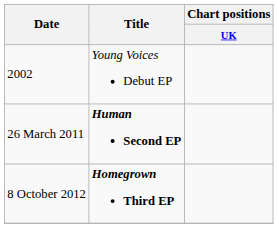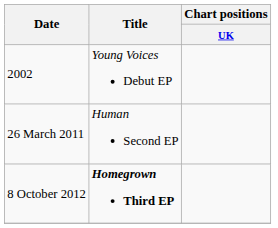 <table class="wikitable">
 <tr>
 <th align="center" rowspan="2">Date</th>
 <th align="center" rowspan="2">Title</th>
 <th align="center" colspan="2">Chart positions</th>
 </tr>
 <tr>
 <th align="center" rowspan="1"><small><a href='#'>UK</a></small></th>
 </tr>
 <tr>
 <td>2002</td>
 <td><em>Young Voices</em><br><ul><li>Debut EP</li></ul></td>
 <td></td>
 </tr>
 <tr>
 <td>26 March 2011</td>
-<td><strong><em>Human</em><br><ul><li>Second EP</li></ul></strong></td>
+<td><em>Human</em><br><ul><li>Second EP</li></ul></td>
 <td></td>
 </tr>
 <tr>
 <td>8 October 2012</td>
 <td><strong><em>Homegrown</em><br><ul><li>Third EP</li></ul></strong></td>
 <td></td>
 </tr>
 <tr>
 </tr>
 </table>
